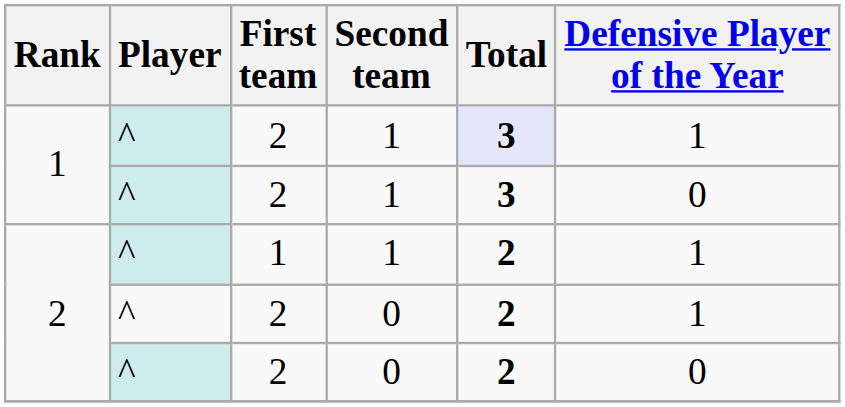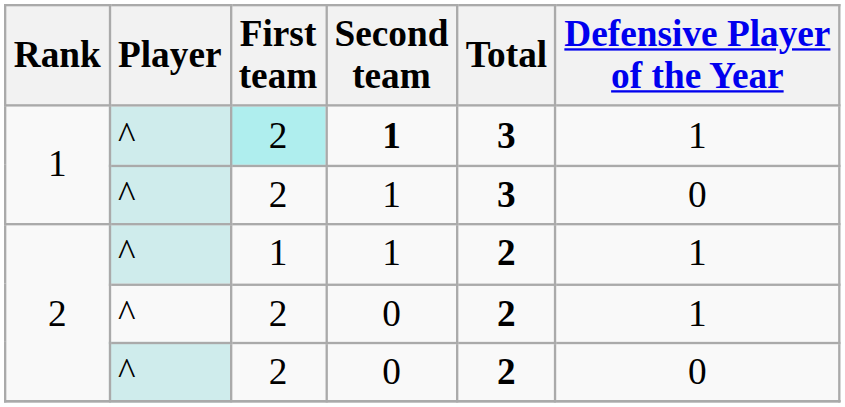 <table class="wikitable sortable">
 <tr>
 <th>Rank</th>
 <th>Player</th>
 <th>First<br>team</th>
 <th>Second<br>team</th>
 <th>Total</th>
 <th><a href='#'>Defensive Player<br>of the Year</a></th>
 </tr>
 <tr>
 <td rowspan="2" align="center">1</td>
 <td bgcolor="#CFECEC">^</td>
-<td align="center">2</td>
-<td align="center">1</td>
-<td align="center" style="background: lavender;"><strong>3</strong></td>
+<td align="center" style="background: paleturquoise;">2</td>
+<td align="center"><strong>1</strong></td>
+<td align="center"><strong>3</strong></td>
 <td align="center">1</td>
 </tr>
 <tr>
 <td bgcolor="#CFECEC">^</td>
 <td align="center">2</td>
 <td align="center">1</td>
 <td align="center"><strong>3</strong></td>
 <td align="center">0</td>
 </tr>
 <tr>
 <td rowspan="3" align="center">2</td>
 <td bgcolor="#CFECEC">^</td>
 <td align="center">1</td>
 <td align="center">1</td>
 <td align="center"><strong>2</strong></td>
 <td align="center">1</td>
 </tr>
 <tr>
 <td>^</td>
 <td align="center">2</td>
 <td align="center">0</td>
 <td align="center"><strong>2</strong></td>
 <td align="center">1</td>
 </tr>
 <tr>
 <td bgcolor="#CFECEC">^</td>
 <td align="center">2</td>
 <td align="center">0</td>
 <td align="center"><strong>2</strong></td>
 <td align="center">0</td>
 </tr>
 <tr>
 </tr>
 </table>
